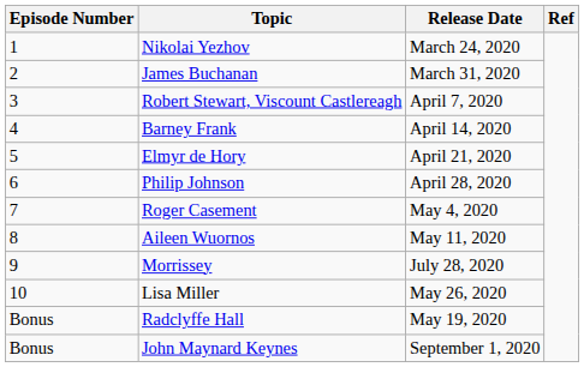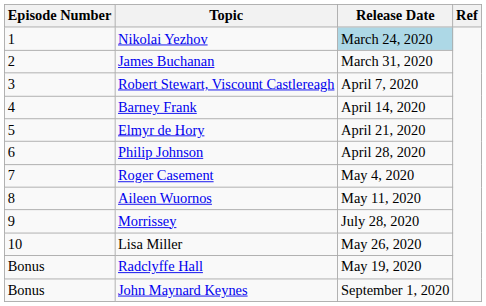 <table class="wikitable">
 <tr>
 <th>Episode Number</th>
 <th>Topic</th>
 <th>Release Date</th>
 <th>Ref</th>
 </tr>
 <tr>
 <td>1</td>
 <td><a href='#'>Nikolai Yezhov</a></td>
-<td>March 24, 2020</td>
+<td style="background: lightblue;">March 24, 2020</td>
 <td rowspan="12"></td>
 </tr>
 <tr>
 <td>2</td>
 <td><a href='#'>James Buchanan</a></td>
 <td>March 31, 2020</td>
 </tr>
 <tr>
 <td>3</td>
 <td><a href='#'>Robert Stewart, Viscount Castlereagh</a></td>
 <td>April 7, 2020</td>
 </tr>
 <tr>
 <td>4</td>
 <td><a href='#'>Barney Frank</a></td>
 <td>April 14, 2020</td>
 </tr>
 <tr>
 <td>5</td>
 <td><a href='#'>Elmyr de Hory</a></td>
 <td>April 21, 2020</td>
 </tr>
 <tr>
 <td>6</td>
 <td><a href='#'>Philip Johnson</a></td>
 <td>April 28, 2020</td>
 </tr>
 <tr>
 <td>7</td>
 <td><a href='#'>Roger Casement</a></td>
 <td>May 4, 2020</td>
 </tr>
 <tr>
 <td>8</td>
 <td><a href='#'>Aileen Wuornos</a></td>
 <td>May 11, 2020</td>
 </tr>
 <tr>
 <td>9</td>
 <td><a href='#'>Morrissey</a></td>
 <td>July 28, 2020</td>
 </tr>
 <tr>
 <td>10</td>
 <td>Lisa Miller</td>
 <td>May 26, 2020</td>
 </tr>
 <tr>
 <td>Bonus</td>
 <td><a href='#'>Radclyffe Hall</a></td>
 <td>May 19, 2020</td>
 </tr>
 <tr>
 <td>Bonus</td>
 <td><a href='#'>John Maynard Keynes</a></td>
 <td>September 1, 2020</td>
 </tr>
 </table>
